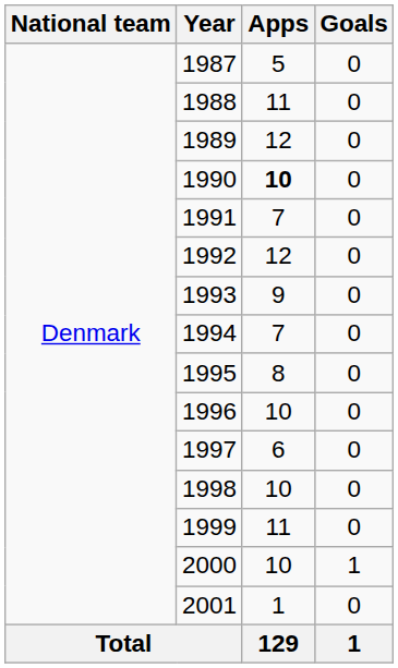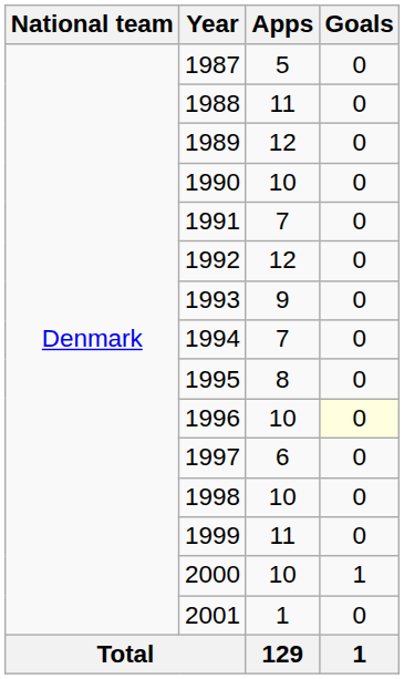 <table class="wikitable" style="text-align:center">
 <tr>
 <th>National team</th>
 <th>Year</th>
 <th>Apps</th>
 <th>Goals</th>
 </tr>
 <tr>
 <td rowspan="15"><a href='#'>Denmark</a></td>
 <td>1987</td>
 <td>5</td>
 <td>0</td>
 </tr>
 <tr>
 <td>1988</td>
 <td>11</td>
 <td>0</td>
 </tr>
 <tr>
 <td>1989</td>
 <td>12</td>
 <td>0</td>
 </tr>
 <tr>
 <td>1990</td>
-<td><strong>10</strong></td>
+<td>10</td>
 <td>0</td>
 </tr>
 <tr>
 <td>1991</td>
 <td>7</td>
 <td>0</td>
 </tr>
 <tr>
 <td>1992</td>
 <td>12</td>
 <td>0</td>
 </tr>
 <tr>
 <td>1993</td>
 <td>9</td>
 <td>0</td>
 </tr>
 <tr>
 <td>1994</td>
 <td>7</td>
 <td>0</td>
 </tr>
 <tr>
 <td>1995</td>
 <td>8</td>
 <td>0</td>
 </tr>
 <tr>
 <td>1996</td>
 <td>10</td>
-<td>0</td>
+<td style="background: lightyellow;">0</td>
 </tr>
 <tr>
 <td>1997</td>
 <td>6</td>
 <td>0</td>
 </tr>
 <tr>
 <td>1998</td>
 <td>10</td>
 <td>0</td>
 </tr>
 <tr>
 <td>1999</td>
 <td>11</td>
 <td>0</td>
 </tr>
 <tr>
 <td>2000</td>
 <td>10</td>
 <td>1</td>
 </tr>
 <tr>
 <td>2001</td>
 <td>1</td>
 <td>0</td>
 </tr>
 <tr>
 <th colspan="2">Total</th>
 <th>129</th>
 <th>1</th>
 </tr>
 </table>
